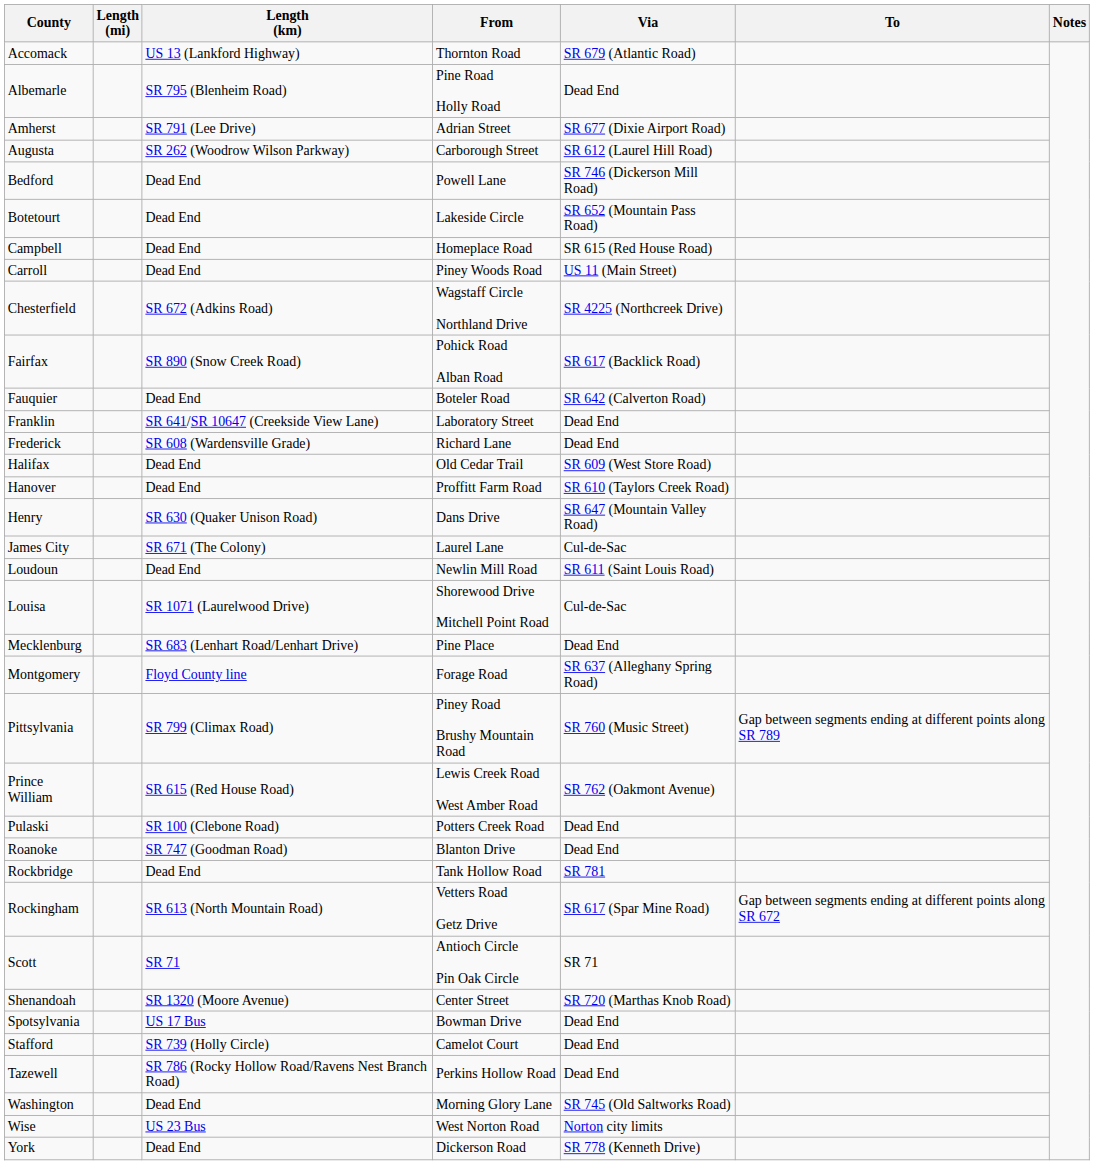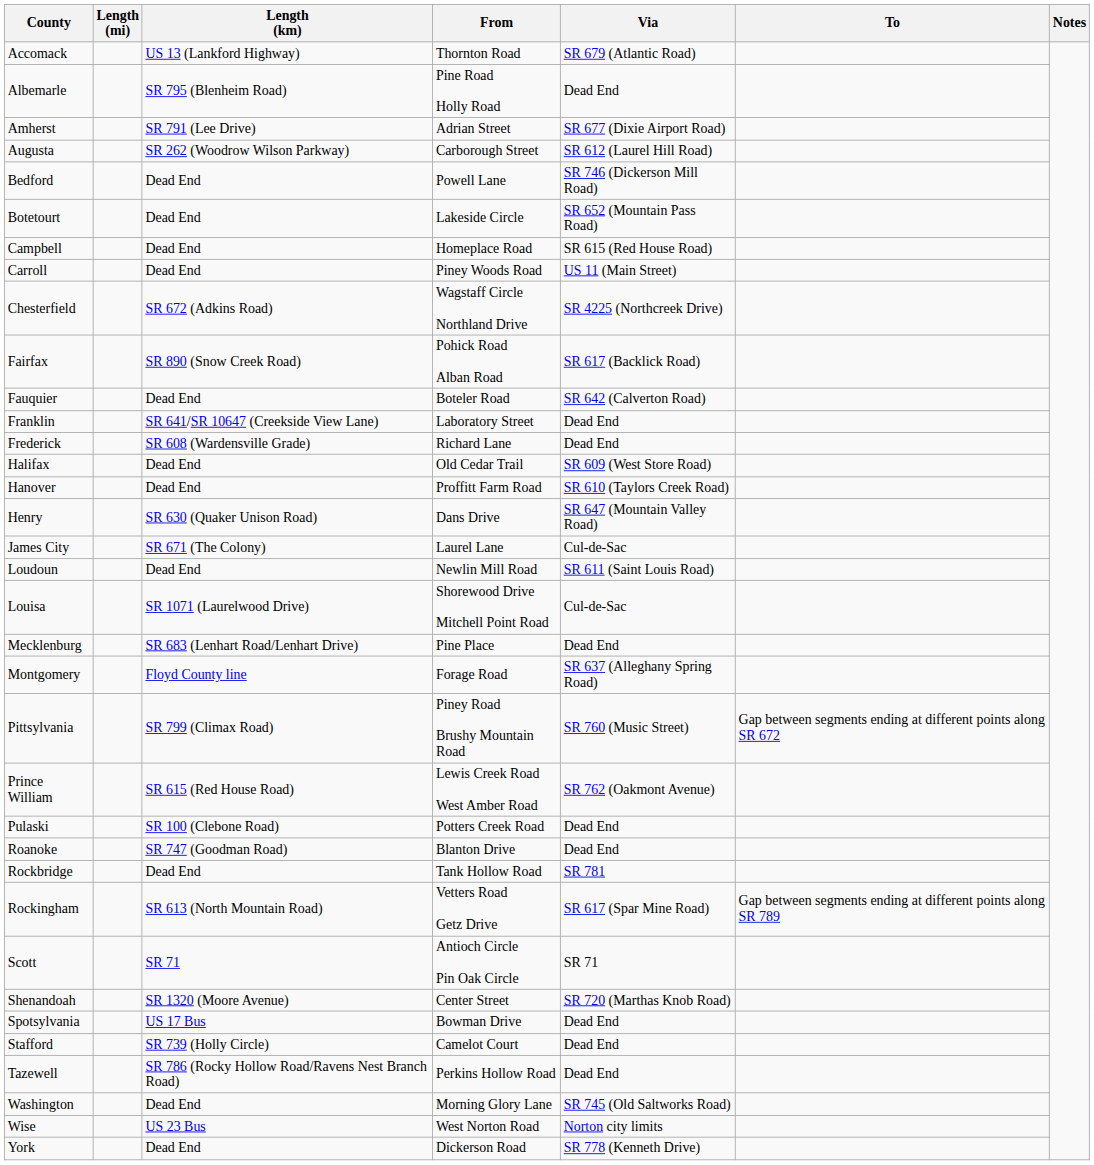 <table class="wikitable sortable">
 <tr>
 <th>County</th>
 <th>Length<br>(mi)</th>
 <th>Length<br>(km)</th>
 <th class="unsortable">From</th>
 <th class="unsortable">Via</th>
 <th class="unsortable">To</th>
 <th class="unsortable">Notes</th>
 </tr>
 <tr>
 <td id="Accomack">Accomack</td>
 <td></td>
 <td><a href='#'>US 13</a> (Lankford Highway)</td>
 <td>Thornton Road</td>
 <td><a href='#'>SR 679</a> (Atlantic Road)</td>
 <td></td>
 </tr>
 <tr>
 <td id="Albemarle">Albemarle</td>
 <td></td>
 <td><a href='#'>SR 795</a> (Blenheim Road)</td>
 <td>Pine Road<br><br>Holly Road</td>
 <td>Dead End</td>
 <td><br> </td>
 </tr>
 <tr>
 <td id="Amherst">Amherst</td>
 <td></td>
 <td><a href='#'>SR 791</a> (Lee Drive)</td>
 <td>Adrian Street</td>
 <td><a href='#'>SR 677</a> (Dixie Airport Road)</td>
 <td><br> </td>
 </tr>
 <tr>
 <td id="Augusta">Augusta</td>
 <td></td>
 <td><a href='#'>SR 262</a> (Woodrow Wilson Parkway)</td>
 <td>Carborough Street</td>
 <td><a href='#'>SR 612</a> (Laurel Hill Road)</td>
 <td><br></td>
 </tr>
 <tr>
 <td id="Bedford">Bedford</td>
 <td></td>
 <td>Dead End</td>
 <td>Powell Lane</td>
 <td><a href='#'>SR 746</a> (Dickerson Mill Road)</td>
 <td><br></td>
 </tr>
 <tr>
 <td id="Botetourt">Botetourt</td>
 <td></td>
 <td>Dead End</td>
 <td>Lakeside Circle</td>
 <td><a href='#'>SR 652</a> (Mountain Pass Road)</td>
 <td><br>  </td>
 </tr>
 <tr>
 <td id="Campbell">Campbell</td>
 <td></td>
 <td>Dead End</td>
 <td>Homeplace Road</td>
 <td>SR 615 (Red House Road)</td>
 <td><br></td>
 </tr>
 <tr>
 <td id="Carroll">Carroll</td>
 <td></td>
 <td>Dead End</td>
 <td>Piney Woods Road</td>
 <td><a href='#'>US 11</a> (Main Street)</td>
 <td><br> </td>
 </tr>
 <tr>
 <td id="Chesterfield">Chesterfield</td>
 <td></td>
 <td><a href='#'>SR 672</a> (Adkins Road)</td>
 <td>Wagstaff Circle<br><br>Northland Drive</td>
 <td><a href='#'>SR 4225</a> (Northcreek Drive)</td>
 <td><br>      </td>
 </tr>
 <tr>
 <td id="Fairfax">Fairfax</td>
 <td></td>
 <td><a href='#'>SR 890</a> (Snow Creek Road)</td>
 <td>Pohick Road<br><br>Alban Road</td>
 <td><a href='#'>SR 617</a> (Backlick Road)</td>
 <td></td>
 </tr>
 <tr>
 <td id="Fauquier">Fauquier</td>
 <td></td>
 <td>Dead End</td>
 <td>Boteler Road</td>
 <td><a href='#'>SR 642</a> (Calverton Road)</td>
 <td><br> </td>
 </tr>
 <tr>
 <td id="Franklin">Franklin</td>
 <td></td>
 <td><a href='#'>SR 641</a>/<a href='#'>SR 10647</a> (Creekside View Lane)</td>
 <td>Laboratory Street</td>
 <td>Dead End</td>
 <td></td>
 </tr>
 <tr>
 <td id="Frederick">Frederick</td>
 <td></td>
 <td><a href='#'>SR 608</a> (Wardensville Grade)</td>
 <td>Richard Lane</td>
 <td>Dead End</td>
 <td><br>     </td>
 </tr>
 <tr>
 <td id="Halifax">Halifax</td>
 <td></td>
 <td>Dead End</td>
 <td>Old Cedar Trail</td>
 <td><a href='#'>SR 609</a> (West Store Road)</td>
 <td></td>
 </tr>
 <tr>
 <td id="Hanover">Hanover</td>
 <td></td>
 <td>Dead End</td>
 <td>Proffitt Farm Road</td>
 <td><a href='#'>SR 610</a> (Taylors Creek Road)</td>
 <td><br></td>
 </tr>
 <tr>
 <td id="Henry">Henry</td>
 <td></td>
 <td><a href='#'>SR 630</a> (Quaker Unison Road)</td>
 <td>Dans Drive</td>
 <td><a href='#'>SR 647</a> (Mountain Valley Road)</td>
 <td><br> </td>
 </tr>
 <tr>
 <td id="James City">James City</td>
 <td></td>
 <td><a href='#'>SR 671</a> (The Colony)</td>
 <td>Laurel Lane</td>
 <td>Cul-de-Sac</td>
 <td><br>    </td>
 </tr>
 <tr>
 <td id="Loudoun">Loudoun</td>
 <td></td>
 <td>Dead End</td>
 <td>Newlin Mill Road</td>
 <td><a href='#'>SR 611</a> (Saint Louis Road)</td>
 <td></td>
 </tr>
 <tr>
 <td id="Louisa">Louisa</td>
 <td></td>
 <td><a href='#'>SR 1071</a> (Laurelwood Drive)</td>
 <td>Shorewood Drive<br><br>Mitchell Point Road</td>
 <td>Cul-de-Sac</td>
 <td><br>  </td>
 </tr>
 <tr>
 <td id="Mecklenburg">Mecklenburg</td>
 <td></td>
 <td><a href='#'>SR 683</a> (Lenhart Road/Lenhart Drive)</td>
 <td>Pine Place</td>
 <td>Dead End</td>
 <td><br></td>
 </tr>
 <tr>
 <td id="Montgomery">Montgomery</td>
 <td></td>
 <td><a href='#'>Floyd County line</a></td>
 <td>Forage Road</td>
 <td><a href='#'>SR 637</a> (Alleghany Spring Road)</td>
 <td><br>       </td>
 </tr>
 <tr>
 <td id="Pittsylvania">Pittsylvania</td>
 <td></td>
 <td><a href='#'>SR 799</a> (Climax Road)</td>
 <td>Piney Road<br><br>Brushy Mountain Road</td>
 <td><a href='#'>SR 760</a> (Music Street)</td>
-<td>Gap between segments ending at different points along <a href='#'>SR 789</a><br></td>
+<td>Gap between segments ending at different points along <a href='#'>SR 672</a><br>  </td>
 </tr>
 <tr>
 <td id="Prince William">Prince William</td>
 <td></td>
 <td><a href='#'>SR 615</a> (Red House Road)</td>
 <td>Lewis Creek Road<br><br>West Amber Road</td>
 <td><a href='#'>SR 762</a> (Oakmont Avenue)</td>
 <td></td>
 </tr>
 <tr>
 <td id="Pulaski">Pulaski</td>
 <td></td>
 <td><a href='#'>SR 100</a> (Clebone Road)</td>
 <td>Potters Creek Road</td>
 <td>Dead End</td>
 <td><br> </td>
 </tr>
 <tr>
 <td id="Roanoke">Roanoke</td>
 <td></td>
 <td><a href='#'>SR 747</a> (Goodman Road)</td>
 <td>Blanton Drive</td>
 <td>Dead End</td>
 <td></td>
 </tr>
 <tr>
 <td id="Rockbridge">Rockbridge</td>
 <td></td>
 <td>Dead End</td>
 <td>Tank Hollow Road</td>
 <td><a href='#'>SR 781</a></td>
 <td></td>
 </tr>
 <tr>
 <td id="Rockingham">Rockingham</td>
 <td></td>
 <td><a href='#'>SR 613</a> (North Mountain Road)</td>
 <td>Vetters Road<br><br>Getz Drive</td>
 <td><a href='#'>SR 617</a> (Spar Mine Road)</td>
-<td>Gap between segments ending at different points along <a href='#'>SR 672</a><br>  </td>
+<td>Gap between segments ending at different points along <a href='#'>SR 789</a><br></td>
 </tr>
 <tr>
 <td id="Scott">Scott</td>
 <td></td>
 <td><a href='#'>SR 71</a></td>
 <td>Antioch Circle<br><br>Pin Oak Circle</td>
 <td>SR 71</td>
 <td></td>
 </tr>
 <tr>
 <td id="Shenandoah">Shenandoah</td>
 <td></td>
 <td><a href='#'>SR 1320</a> (Moore Avenue)</td>
 <td>Center Street</td>
 <td><a href='#'>SR 720</a> (Marthas Knob Road)</td>
 <td><br> </td>
 </tr>
 <tr>
 <td id="Spotsylvania">Spotsylvania</td>
 <td></td>
 <td><a href='#'>US 17 Bus</a></td>
 <td>Bowman Drive</td>
 <td>Dead End</td>
 <td></td>
 </tr>
 <tr>
 <td id="Stafford">Stafford</td>
 <td></td>
 <td><a href='#'>SR 739</a> (Holly Circle)</td>
 <td>Camelot Court</td>
 <td>Dead End</td>
 <td><br> </td>
 </tr>
 <tr>
 <td id="Tazewell">Tazewell</td>
 <td></td>
 <td><a href='#'>SR 786</a> (Rocky Hollow Road/Ravens Nest Branch Road)</td>
 <td>Perkins Hollow Road</td>
 <td>Dead End</td>
 <td><br></td>
 </tr>
 <tr>
 <td id="Washington">Washington</td>
 <td></td>
 <td>Dead End</td>
 <td>Morning Glory Lane</td>
 <td><a href='#'>SR 745</a> (Old Saltworks Road)</td>
 <td><br></td>
 </tr>
 <tr>
 <td id="Wise">Wise</td>
 <td></td>
 <td><a href='#'>US 23 Bus</a></td>
 <td>West Norton Road</td>
 <td><a href='#'>Norton</a> city limits</td>
 <td><br></td>
 </tr>
 <tr>
 <td id="York">York</td>
 <td></td>
 <td>Dead End</td>
 <td>Dickerson Road</td>
 <td><a href='#'>SR 778</a> (Kenneth Drive)</td>
 <td></td>
 </tr>
 </table>
